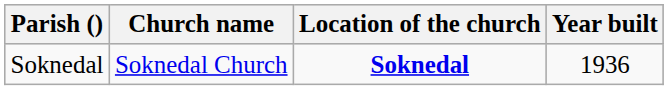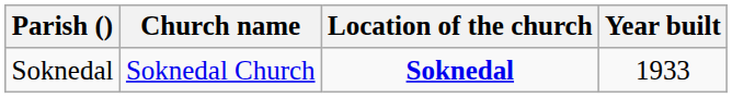 <table class="wikitable" style="text-align:center">
 <tr>
 <th>Parish ()</th>
 <th>Church name</th>
 <th>Location of the church</th>
 <th>Year built</th>
 </tr>
 <tr>
 <td rowspan="1">Soknedal</td>
 <td><a href='#'>Soknedal Church</a></td>
 <td><strong><a href='#'>Soknedal</a></strong></td>
-<td>1936</td>
+<td>1933</td>
 </tr>
 </table>
